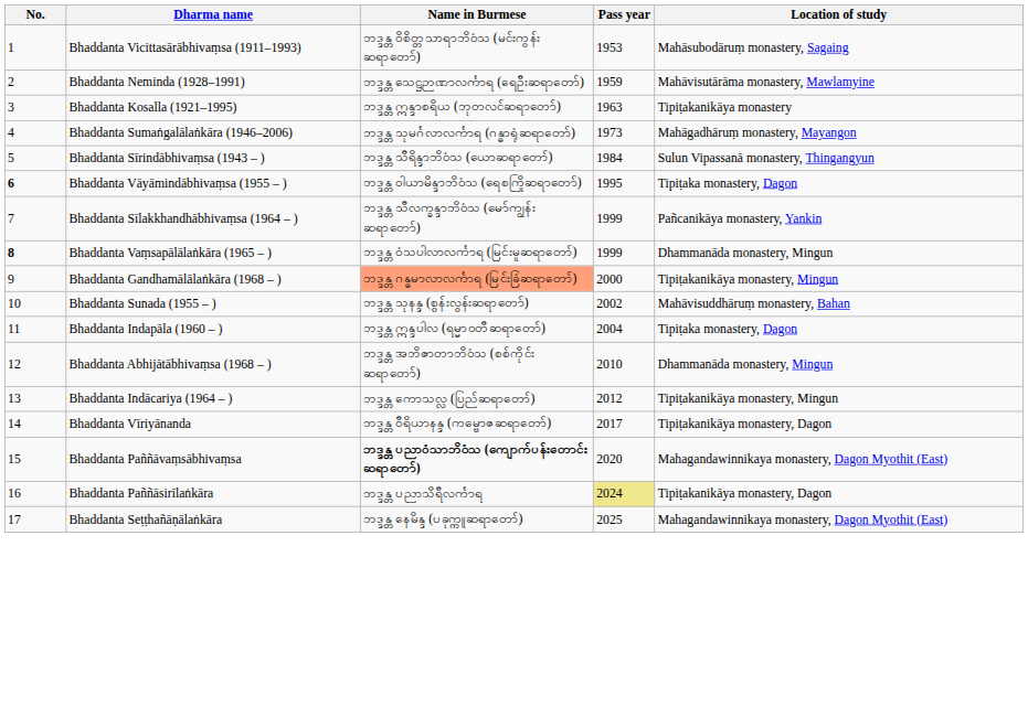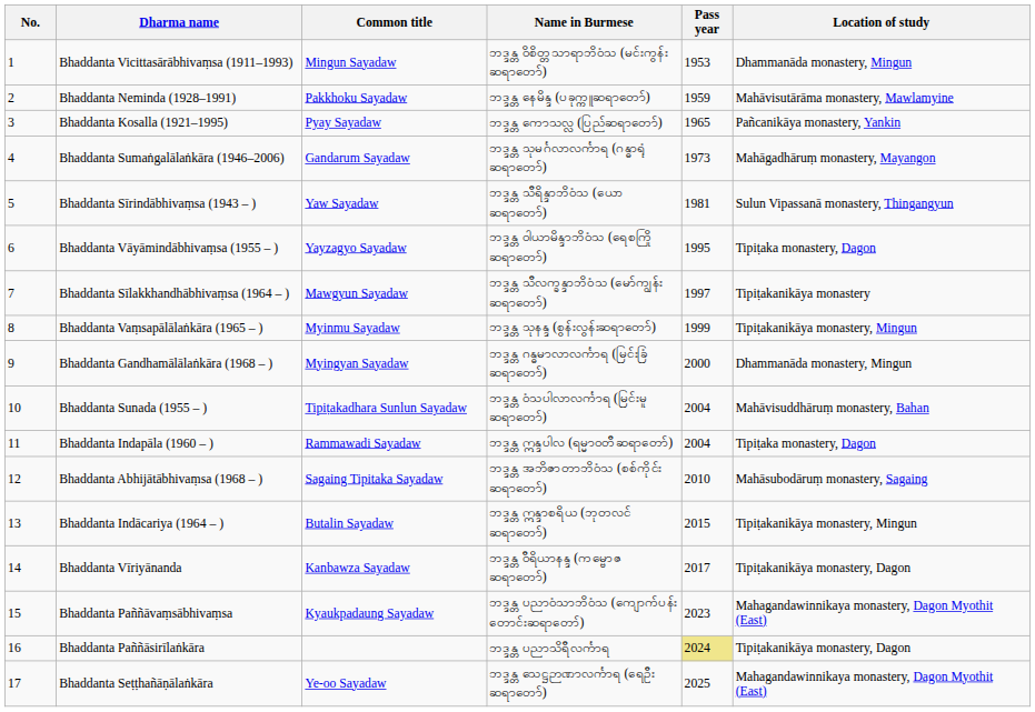 <table width=100% class="wikitable">
 <tr>
 <th width=5%>No.</th>
 <th width=24%><a href='#'>Dharma name</a></th>
+<th width=18%>Common title</th>
 <th width=19%>Name in Burmese</th>
 <th width=5%>Pass year</th>
 <th width=30%>Location of study</th>
 </tr>
 <tr>
 <td>1</td>
 <td>Bhaddanta Vicittasārābhivaṃsa (1911–1993)</td>
+<td><a href='#'>Mingun Sayadaw</a></td>
 <td>ဘဒ္ဒန္တ ဝိစိတ္တသာရာဘိဝံသ (မင်းကွန်းဆရာတော်)</td>
 <td>1953</td>
-<td>Mahāsubodāruṃ monastery, <a href='#'>Sagaing</a></td>
+<td>Dhammanāda monastery, <a href='#'>Mingun</a></td>
 </tr>
 <tr>
 <td>2</td>
 <td>Bhaddanta Neminda (1928–1991)</td>
-<td>ဘဒ္ဒန္တ ‌သေဋ္ဌဉာဏာလင်္ကာရ (ရေဦးဆရာတော်)</td>
+<td><a href='#'>Pakkhoku Sayadaw</a></td>
+<td>ဘဒ္ဒန္တ နေမိန္ဒ (ပခုက္ကူဆရာတော်)</td>
 <td>1959</td>
 <td>Mahāvisutārāma monastery, <a href='#'>Mawlamyine</a></td>
 </tr>
 <tr>
 <td>3</td>
 <td>Bhaddanta Kosalla (1921–1995)</td>
-<td>ဘဒ္ဒန္တ ဣန္ဒာစရိယ (ဘုတလင်ဆရာတော်)</td>
-<td>1963</td>
-<td>Tipiṭakanikāya monastery</td>
+<td><a href='#'>Pyay Sayadaw</a></td>
+<td>ဘဒ္ဒန္တ ကောသလ္လ (ပြည်ဆရာတော်)</td>
+<td>1965</td>
+<td>Pañcanikāya monastery, <a href='#'>Yankin</a></td>
 </tr>
 <tr>
 <td>4</td>
 <td>Bhaddanta Sumaṅgalālaṅkāra (1946–2006)</td>
+<td><a href='#'>Gandarum Sayadaw</a></td>
 <td>ဘဒ္ဒန္တ သုမင်္ဂလာလင်္ကာရ (ဂန္ဓာရုံဆရာတော်)</td>
 <td>1973</td>
 <td>Mahāgadhāruṃ monastery, <a href='#'>Mayangon</a></td>
 </tr>
 <tr>
 <td>5</td>
 <td>Bhaddanta Sīrindābhivaṃsa (1943 – )</td>
+<td><a href='#'>Yaw Sayadaw</a></td>
 <td>ဘဒ္ဒန္တ သီရိန္ဒာဘိဝံသ (ယောဆရာတော်)</td>
-<td>1984</td>
+<td>1981</td>
 <td>Sulun Vipassanā monastery, <a href='#'>Thingangyun</a></td>
 </tr>
 <tr>
-<td><strong>6</strong></td>
+<td>6</td>
 <td>Bhaddanta Vāyāmindābhivaṃsa (1955 – )</td>
+<td><a href='#'>Yayzagyo Sayadaw</a></td>
 <td>ဘဒ္ဒန္တ ဝါယာမိန္ဒာဘိဝံသ (ရေစကြိုဆရာတော်)</td>
 <td>1995</td>
 <td>Tipiṭaka monastery, <a href='#'>Dagon</a></td>
 </tr>
 <tr>
 <td>7</td>
 <td>Bhaddanta Sīlakkhandhābhivaṃsa (1964 – )</td>
+<td><a href='#'>Mawgyun Sayadaw</a></td>
 <td>ဘဒ္ဒန္တ သီလက္ခန္ဒာဘိဝံသ (မော်ကျွန်းဆရာတော်)</td>
-<td>1999</td>
-<td>Pañcanikāya monastery, <a href='#'>Yankin</a></td>
+<td>1997</td>
+<td>Tipiṭakanikāya monastery</td>
 </tr>
 <tr>
-<td><strong>8</strong></td>
+<td>8</td>
 <td>Bhaddanta Vaṃsapālālaṅkāra (1965 – )</td>
-<td>ဘဒ္ဒန္တ ဝံသပါလာလင်္ကာရ (မြင်းမူဆရာတော်)</td>
+<td><a href='#'>Myinmu Sayadaw</a></td>
+<td>ဘဒ္ဒန္တ သုနန္ဒ (စွန်းလွန်းဆရာတော်)</td>
 <td>1999</td>
-<td>Dhammanāda monastery, Mingun</td>
+<td>Tipiṭakanikāya monastery, <a href='#'>Mingun</a></td>
 </tr>
 <tr>
 <td>9</td>
 <td>Bhaddanta Gandhamālālaṅkāra (1968 – )</td>
-<td style="background: lightsalmon;">ဘဒ္ဒန္တ ဂန္ဓမာလာလင်္ကာရ (မြင်းခြံဆရာတော်)</td>
+<td><a href='#'>Myingyan Sayadaw</a></td>
+<td>ဘဒ္ဒန္တ ဂန္ဓမာလာလင်္ကာရ (မြင်းခြံဆရာတော်)</td>
 <td>2000</td>
-<td>Tipiṭakanikāya monastery, <a href='#'>Mingun</a></td>
+<td>Dhammanāda monastery, Mingun</td>
 </tr>
 <tr>
 <td>10</td>
 <td>Bhaddanta Sunada (1955 – )</td>
-<td>ဘဒ္ဒန္တ သုနန္ဒ (စွန်းလွန်းဆရာတော်)</td>
-<td>2002</td>
+<td><a href='#'>Tipiṭakadhara Sunlun Sayadaw</a></td>
+<td>ဘဒ္ဒန္တ ဝံသပါလာလင်္ကာရ (မြင်းမူဆရာတော်)</td>
+<td>2004</td>
 <td>Mahāvisuddhāruṃ monastery, <a href='#'>Bahan</a></td>
 </tr>
 <tr>
 <td>11</td>
 <td>Bhaddanta Indapāla (1960 – )</td>
+<td><a href='#'>Rammawadi Sayadaw</a></td>
 <td>ဘဒ္ဒန္တ ဣန္ဒပါလ (ရမ္မာဝတီဆရာတော်)</td>
 <td>2004</td>
 <td>Tipiṭaka monastery, <a href='#'>Dagon</a></td>
 </tr>
 <tr>
 <td>12</td>
 <td>Bhaddanta Abhijātābhivaṃsa (1968 – )</td>
+<td><a href='#'>Sagaing Tipitaka Sayadaw</a></td>
 <td>ဘဒ္ဒန္တ အဘိဇာတာဘိဝံသ (စစ်ကိုင်းဆရာတော်)</td>
 <td>2010</td>
-<td>Dhammanāda monastery, <a href='#'>Mingun</a></td>
+<td>Mahāsubodāruṃ monastery, <a href='#'>Sagaing</a></td>
 </tr>
 <tr>
 <td>13</td>
 <td>Bhaddanta Indācariya (1964 – )</td>
-<td>ဘဒ္ဒန္တ ကောသလ္လ (ပြည်ဆရာတော်)</td>
-<td>2012</td>
+<td><a href='#'>Butalin Sayadaw</a></td>
+<td>ဘဒ္ဒန္တ ဣန္ဒာစရိယ (ဘုတလင်ဆရာတော်)</td>
+<td>2015</td>
 <td>Tipiṭakanikāya monastery, Mingun</td>
 </tr>
 <tr>
 <td>14</td>
 <td>Bhaddanta Vīriyānanda</td>
+<td><a href='#'>Kanbawza Sayadaw</a></td>
 <td>ဘဒ္ဒန္တ ဝီရိယာနန္ဒ (ကမ္ဗောဇဆရာတော်)</td>
 <td>2017</td>
 <td>Tipiṭakanikāya monastery, Dagon</td>
 </tr>
 <tr>
 <td>15</td>
 <td>Bhaddanta Paññāvaṃsābhivaṃsa</td>
-<td><strong>ဘဒ္ဒန္တ ပညာဝံသာဘိဝံသ (ကျောက်ပန်းတောင်းဆရာတော်)</strong></td>
-<td>2020</td>
+<td><a href='#'>Kyaukpadaung Sayadaw</a></td>
+<td>ဘဒ္ဒန္တ ပညာဝံသာဘိဝံသ (ကျောက်ပန်းတောင်းဆရာတော်)</td>
+<td>2023</td>
 <td>Mahagandawinnikaya monastery, <a href='#'>Dagon Myothit (East)</a></td>
 </tr>
 <tr>
 <td>16</td>
 <td>Bhaddanta Paññāsirīlaṅkāra</td>
+<td></td>
 <td>ဘဒ္ဒန္တ ပညာသိရီလင်္ကာရ</td>
 <td style="background: khaki;">2024</td>
 <td>Tipiṭakanikāya monastery, Dagon</td>
 </tr>
 <tr>
 <td>17</td>
 <td>Bhaddanta Seṭṭhañāṇālaṅkāra</td>
-<td>ဘဒ္ဒန္တ နေမိန္ဒ (ပခုက္ကူဆရာတော်)</td>
+<td><a href='#'>Ye-oo Sayadaw</a></td>
+<td>ဘဒ္ဒန္တ ‌သေဋ္ဌဉာဏာလင်္ကာရ (ရေဦးဆရာတော်)</td>
 <td>2025</td>
 <td>Mahagandawinnikaya monastery, <a href='#'>Dagon Myothit (East)</a></td>
 </tr>
 </table>
